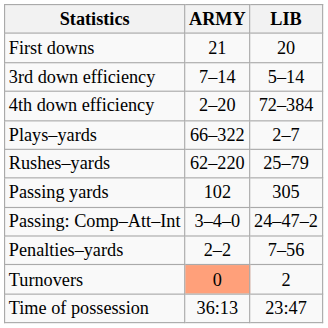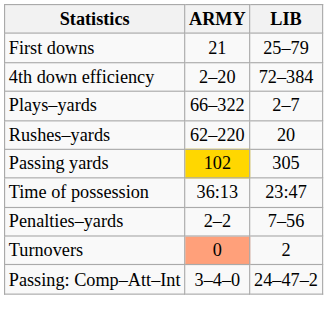 <table class="wikitable">
 <tr>
 <th>Statistics</th>
 <th>ARMY</th>
 <th>LIB</th>
 </tr>
 <tr>
 <td>First downs</td>
 <td align=center>21</td>
-<td align=center>20</td>
-</tr>
-<tr>
-<td>3rd down efficiency</td>
-<td align=center>7–14</td>
-<td align=center>5–14</td>
+<td align=center>25–79</td>
 </tr>
 <tr>
 <td>4th down efficiency</td>
 <td align=center>2–20</td>
 <td align=center>72–384</td>
 </tr>
 <tr>
 <td>Plays–yards</td>
 <td align=center>66–322</td>
 <td align=center>2–7</td>
 </tr>
 <tr>
 <td>Rushes–yards</td>
 <td align=center>62–220</td>
-<td align=center>25–79</td>
+<td align=center>20</td>
 </tr>
 <tr>
 <td>Passing yards</td>
-<td align=center>102</td>
+<td align=center style="background: gold;">102</td>
 <td align=center>305</td>
 </tr>
 <tr>
-<td>Passing: Comp–Att–Int</td>
-<td align=center>3–4–0</td>
-<td align=center>24–47–2</td>
+<td>Time of possession</td>
+<td align=center>36:13</td>
+<td align=center>23:47</td>
 </tr>
 <tr>
 <td>Penalties–yards</td>
 <td align=center>2–2</td>
 <td align=center>7–56</td>
 </tr>
 <tr>
 <td>Turnovers</td>
 <td align=center style="background: lightsalmon;">0</td>
 <td align=center>2</td>
 </tr>
 <tr>
-<td>Time of possession</td>
-<td align=center>36:13</td>
-<td align=center>23:47</td>
+<td>Passing: Comp–Att–Int</td>
+<td align=center>3–4–0</td>
+<td align=center>24–47–2</td>
 </tr>
 </table>
